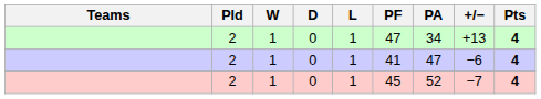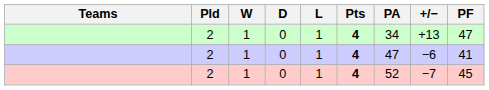 <table class="wikitable" style="text-align: center;">
 <tr>
 <th width="240">Teams</th>
 <th width="40">Pld</th>
 <th width="40">W</th>
 <th width="40">D</th>
 <th width="40">L</th>
-<th width="40">PF</th>
+<th width="40">Pts</th>
 <th width="40">PA</th>
 <th width="40">+/−</th>
-<th width="40">Pts</th>
+<th width="40">PF</th>
 </tr>
 <tr style="background-color:#ccffcc;">
 <td align=left></td>
 <td>2</td>
 <td>1</td>
 <td>0</td>
 <td>1</td>
-<td>47</td>
+<td><strong>4</strong></td>
 <td>34</td>
 <td>+13</td>
-<td><strong>4</strong></td>
+<td>47</td>
 </tr>
 <tr style="background-color:#ccccff;">
 <td align=left></td>
 <td>2</td>
 <td>1</td>
 <td>0</td>
 <td>1</td>
-<td>41</td>
+<td><strong>4</strong></td>
 <td>47</td>
 <td>−6</td>
-<td><strong>4</strong></td>
+<td>41</td>
 </tr>
 <tr style="background-color:#ffcccc;">
 <td align=left></td>
 <td>2</td>
 <td>1</td>
 <td>0</td>
 <td>1</td>
-<td>45</td>
+<td><strong>4</strong></td>
 <td>52</td>
 <td>−7</td>
-<td><strong>4</strong></td>
+<td>45</td>
 </tr>
 </table>
